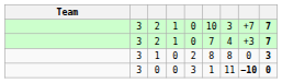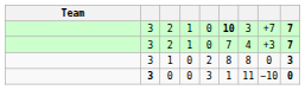 <table class="wikitable" style="text-align: center;">
 <tr>
 <th width="175">Team</th>
 <th width="20"></th>
 <th width="20"></th>
 <th width="20"></th>
 <th width="20"></th>
 <th width="20"></th>
 <th width="20"></th>
 <th width="20"></th>
 <th width="20"></th>
 </tr>
 <tr bgcolor=ccffcc>
 <td align=left></td>
 <td>3</td>
 <td>2</td>
 <td>1</td>
 <td>0</td>
-<td>10</td>
+<td><strong>10</strong></td>
 <td>3</td>
 <td>+7</td>
 <td><strong>7</strong></td>
 </tr>
 <tr bgcolor=ccffcc>
 <td align=left><em></em></td>
 <td>3</td>
 <td>2</td>
 <td>1</td>
 <td>0</td>
 <td>7</td>
 <td>4</td>
 <td>+3</td>
 <td><strong>7</strong></td>
 </tr>
 <tr bgcolor=>
 <td align=left></td>
 <td>3</td>
 <td>1</td>
 <td>0</td>
 <td>2</td>
 <td>8</td>
 <td>8</td>
 <td>0</td>
 <td><strong>3</strong></td>
 </tr>
 <tr bgcolor=>
 <td align=left></td>
-<td>3</td>
+<td><strong>3</strong></td>
 <td>0</td>
 <td>0</td>
 <td>3</td>
 <td>1</td>
 <td>11</td>
-<td><strong>−10</strong></td>
+<td>−10</td>
 <td><strong>0</strong></td>
 </tr>
 </table>
